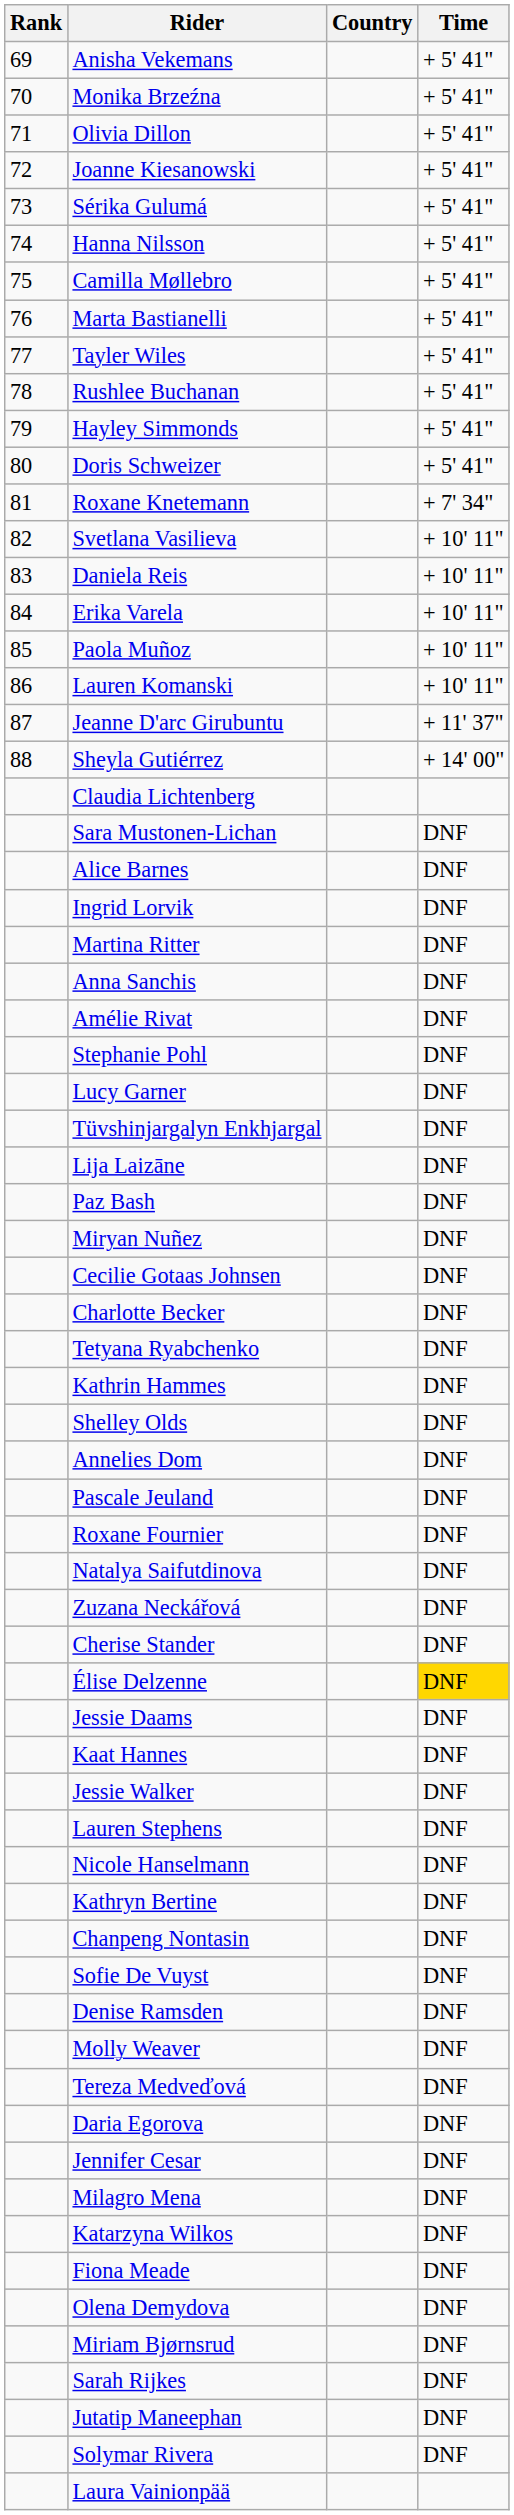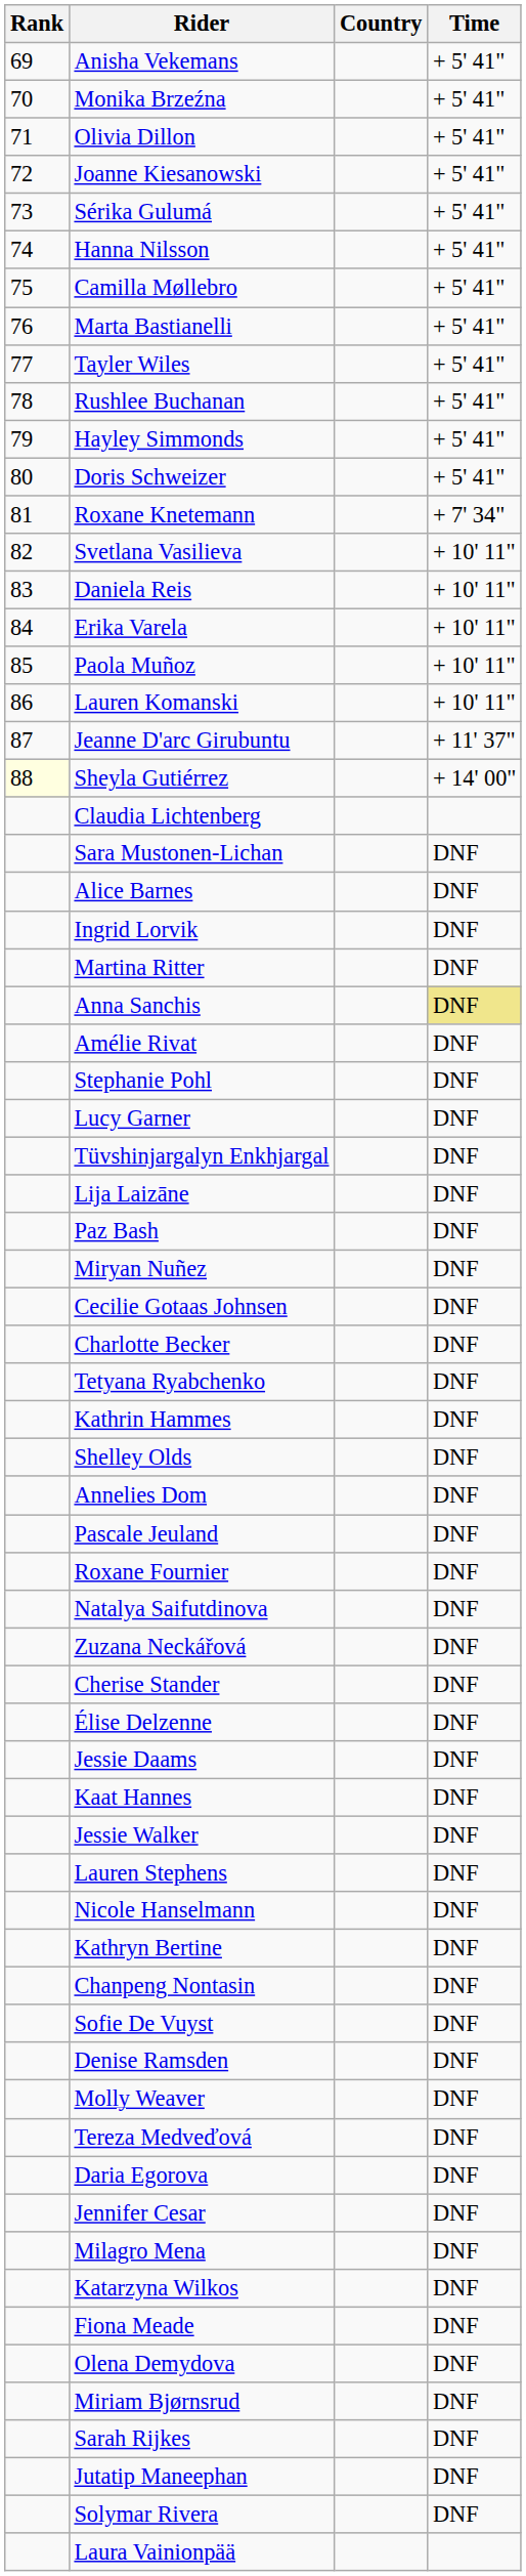 <table class="wikitable" style="font-size:95%; text-align:left;">
 <tr>
 <th>Rank</th>
 <th>Rider</th>
 <th>Country</th>
 <th>Time</th>
 </tr>
 <tr>
 <td>69</td>
 <td><a href='#'>Anisha Vekemans</a></td>
 <td></td>
 <td>+ 5' 41"</td>
 </tr>
 <tr>
 <td>70</td>
 <td><a href='#'>Monika Brzeźna</a></td>
 <td></td>
 <td>+ 5' 41"</td>
 </tr>
 <tr>
 <td>71</td>
 <td><a href='#'>Olivia Dillon</a></td>
 <td></td>
 <td>+ 5' 41"</td>
 </tr>
 <tr>
 <td>72</td>
 <td><a href='#'>Joanne Kiesanowski</a></td>
 <td></td>
 <td>+ 5' 41"</td>
 </tr>
 <tr>
 <td>73</td>
 <td><a href='#'>Sérika Gulumá</a></td>
 <td></td>
 <td>+ 5' 41"</td>
 </tr>
 <tr>
 <td>74</td>
 <td><a href='#'>Hanna Nilsson</a></td>
 <td></td>
 <td>+ 5' 41"</td>
 </tr>
 <tr>
 <td>75</td>
 <td><a href='#'>Camilla Møllebro</a></td>
 <td></td>
 <td>+ 5' 41"</td>
 </tr>
 <tr>
 <td>76</td>
 <td><a href='#'>Marta Bastianelli</a></td>
 <td></td>
 <td>+ 5' 41"</td>
 </tr>
 <tr>
 <td>77</td>
 <td><a href='#'>Tayler Wiles</a></td>
 <td></td>
 <td>+ 5' 41"</td>
 </tr>
 <tr>
 <td>78</td>
 <td><a href='#'>Rushlee Buchanan</a></td>
 <td></td>
 <td>+ 5' 41"</td>
 </tr>
 <tr>
 <td>79</td>
 <td><a href='#'>Hayley Simmonds</a></td>
 <td></td>
 <td>+ 5' 41"</td>
 </tr>
 <tr>
 <td>80</td>
 <td><a href='#'>Doris Schweizer</a></td>
 <td></td>
 <td>+ 5' 41"</td>
 </tr>
 <tr>
 <td>81</td>
 <td><a href='#'>Roxane Knetemann</a></td>
 <td></td>
 <td>+ 7' 34"</td>
 </tr>
 <tr>
 <td>82</td>
 <td><a href='#'>Svetlana Vasilieva</a></td>
 <td></td>
 <td>+ 10' 11"</td>
 </tr>
 <tr>
 <td>83</td>
 <td><a href='#'>Daniela Reis</a></td>
 <td></td>
 <td>+ 10' 11"</td>
 </tr>
 <tr>
 <td>84</td>
 <td><a href='#'>Erika Varela</a></td>
 <td></td>
 <td>+ 10' 11"</td>
 </tr>
 <tr>
 <td>85</td>
 <td><a href='#'>Paola Muñoz</a></td>
 <td></td>
 <td>+ 10' 11"</td>
 </tr>
 <tr>
 <td>86</td>
 <td><a href='#'>Lauren Komanski</a></td>
 <td></td>
 <td>+ 10' 11"</td>
 </tr>
 <tr>
 <td>87</td>
 <td><a href='#'>Jeanne D'arc Girubuntu</a></td>
 <td></td>
 <td>+ 11' 37"</td>
 </tr>
 <tr>
-<td>88</td>
+<td style="background: lightyellow;">88</td>
 <td><a href='#'>Sheyla Gutiérrez</a></td>
 <td></td>
 <td>+ 14' 00"</td>
 </tr>
 <tr>
 <td></td>
 <td><a href='#'>Claudia Lichtenberg</a></td>
 <td></td>
 <td></td>
 </tr>
 <tr>
 <td></td>
 <td><a href='#'>Sara Mustonen-Lichan</a></td>
 <td></td>
 <td>DNF</td>
 </tr>
 <tr>
 <td></td>
 <td><a href='#'>Alice Barnes</a></td>
 <td></td>
 <td>DNF</td>
 </tr>
 <tr>
 <td></td>
 <td><a href='#'>Ingrid Lorvik</a></td>
 <td></td>
 <td>DNF</td>
 </tr>
 <tr>
 <td></td>
 <td><a href='#'>Martina Ritter</a></td>
 <td></td>
 <td>DNF</td>
 </tr>
 <tr>
 <td></td>
 <td><a href='#'>Anna Sanchis</a></td>
 <td></td>
-<td>DNF</td>
+<td style="background: khaki;">DNF</td>
 </tr>
 <tr>
 <td></td>
 <td><a href='#'>Amélie Rivat</a></td>
 <td></td>
 <td>DNF</td>
 </tr>
 <tr>
 <td></td>
 <td><a href='#'>Stephanie Pohl</a></td>
 <td></td>
 <td>DNF</td>
 </tr>
 <tr>
 <td></td>
 <td><a href='#'>Lucy Garner</a></td>
 <td></td>
 <td>DNF</td>
 </tr>
 <tr>
 <td></td>
 <td><a href='#'>Tüvshinjargalyn Enkhjargal</a></td>
 <td></td>
 <td>DNF</td>
 </tr>
 <tr>
 <td></td>
 <td><a href='#'>Lija Laizāne</a></td>
 <td></td>
 <td>DNF</td>
 </tr>
 <tr>
 <td></td>
 <td><a href='#'>Paz Bash</a></td>
 <td></td>
 <td>DNF</td>
 </tr>
 <tr>
 <td></td>
 <td><a href='#'>Miryan Nuñez</a></td>
 <td></td>
 <td>DNF</td>
 </tr>
 <tr>
 <td></td>
 <td><a href='#'>Cecilie Gotaas Johnsen</a></td>
 <td></td>
 <td>DNF</td>
 </tr>
 <tr>
 <td></td>
 <td><a href='#'>Charlotte Becker</a></td>
 <td></td>
 <td>DNF</td>
 </tr>
 <tr>
 <td></td>
 <td><a href='#'>Tetyana Ryabchenko</a></td>
 <td></td>
 <td>DNF</td>
 </tr>
 <tr>
 <td></td>
 <td><a href='#'>Kathrin Hammes</a></td>
 <td></td>
 <td>DNF</td>
 </tr>
 <tr>
 <td></td>
 <td><a href='#'>Shelley Olds</a></td>
 <td></td>
 <td>DNF</td>
 </tr>
 <tr>
 <td></td>
 <td><a href='#'>Annelies Dom</a></td>
 <td></td>
 <td>DNF</td>
 </tr>
 <tr>
 <td></td>
 <td><a href='#'>Pascale Jeuland</a></td>
 <td></td>
 <td>DNF</td>
 </tr>
 <tr>
 <td></td>
 <td><a href='#'>Roxane Fournier</a></td>
 <td></td>
 <td>DNF</td>
 </tr>
 <tr>
 <td></td>
 <td><a href='#'>Natalya Saifutdinova</a></td>
 <td></td>
 <td>DNF</td>
 </tr>
 <tr>
 <td></td>
 <td><a href='#'>Zuzana Neckářová</a></td>
 <td></td>
 <td>DNF</td>
 </tr>
 <tr>
 <td></td>
 <td><a href='#'>Cherise Stander</a></td>
 <td></td>
 <td>DNF</td>
 </tr>
 <tr>
 <td></td>
 <td><a href='#'>Élise Delzenne</a></td>
 <td></td>
-<td style="background: gold;">DNF</td>
+<td>DNF</td>
 </tr>
 <tr>
 <td></td>
 <td><a href='#'>Jessie Daams</a></td>
 <td></td>
 <td>DNF</td>
 </tr>
 <tr>
 <td></td>
 <td><a href='#'>Kaat Hannes</a></td>
 <td></td>
 <td>DNF</td>
 </tr>
 <tr>
 <td></td>
 <td><a href='#'>Jessie Walker</a></td>
 <td></td>
 <td>DNF</td>
 </tr>
 <tr>
 <td></td>
 <td><a href='#'>Lauren Stephens</a></td>
 <td></td>
 <td>DNF</td>
 </tr>
 <tr>
 <td></td>
 <td><a href='#'>Nicole Hanselmann</a></td>
 <td></td>
 <td>DNF</td>
 </tr>
 <tr>
 <td></td>
 <td><a href='#'>Kathryn Bertine</a></td>
 <td></td>
 <td>DNF</td>
 </tr>
 <tr>
 <td></td>
 <td><a href='#'>Chanpeng Nontasin</a></td>
 <td></td>
 <td>DNF</td>
 </tr>
 <tr>
 <td></td>
 <td><a href='#'>Sofie De Vuyst</a></td>
 <td></td>
 <td>DNF</td>
 </tr>
 <tr>
 <td></td>
 <td><a href='#'>Denise Ramsden</a></td>
 <td></td>
 <td>DNF</td>
 </tr>
 <tr>
 <td></td>
 <td><a href='#'>Molly Weaver</a></td>
 <td></td>
 <td>DNF</td>
 </tr>
 <tr>
 <td></td>
 <td><a href='#'>Tereza Medveďová</a></td>
 <td></td>
 <td>DNF</td>
 </tr>
 <tr>
 <td></td>
 <td><a href='#'>Daria Egorova</a></td>
 <td></td>
 <td>DNF</td>
 </tr>
 <tr>
 <td></td>
 <td><a href='#'>Jennifer Cesar</a></td>
 <td></td>
 <td>DNF</td>
 </tr>
 <tr>
 <td></td>
 <td><a href='#'>Milagro Mena</a></td>
 <td></td>
 <td>DNF</td>
 </tr>
 <tr>
 <td></td>
 <td><a href='#'>Katarzyna Wilkos</a></td>
 <td></td>
 <td>DNF</td>
 </tr>
 <tr>
 <td></td>
 <td><a href='#'>Fiona Meade</a></td>
 <td></td>
 <td>DNF</td>
 </tr>
 <tr>
 <td></td>
 <td><a href='#'>Olena Demydova</a></td>
 <td></td>
 <td>DNF</td>
 </tr>
 <tr>
 <td></td>
 <td><a href='#'>Miriam Bjørnsrud</a></td>
 <td></td>
 <td>DNF</td>
 </tr>
 <tr>
 <td></td>
 <td><a href='#'>Sarah Rijkes</a></td>
 <td></td>
 <td>DNF</td>
 </tr>
 <tr>
 <td></td>
 <td><a href='#'>Jutatip Maneephan</a></td>
 <td></td>
 <td>DNF</td>
 </tr>
 <tr>
 <td></td>
 <td><a href='#'>Solymar Rivera</a></td>
 <td></td>
 <td>DNF</td>
 </tr>
 <tr>
 <td></td>
 <td><a href='#'>Laura Vainionpää</a></td>
 <td></td>
 <td></td>
 </tr>
 </table>
